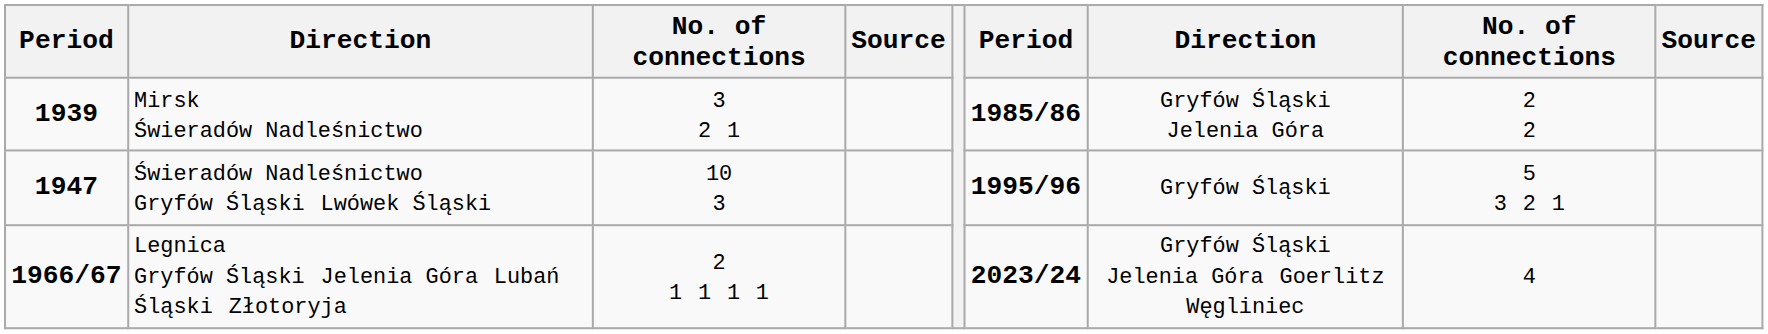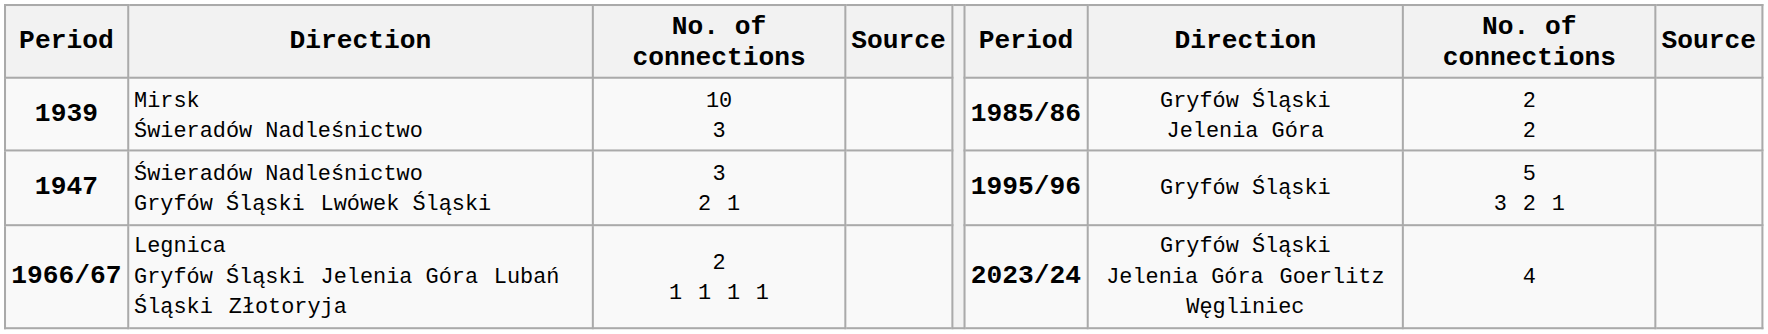 <table class="wikitable" style="text-align:center">
 <tr>
 <th>Period</th>
 <th>Direction</th>
 <th>No. of connections</th>
 <th>Source</th>
 <th rowspan="4"></th>
 <th>Period</th>
 <th>Direction</th>
 <th>No. of connections</th>
 <th>Source</th>
 </tr>
 <tr>
 <td><strong>1939</strong></td>
 <td style="text-align:left"><small>Mirsk</small><br><small>Świeradów Nadleśnictwo</small></td>
-<td><small>3</small><br><small>2</small> <small>1</small></td>
+<td><small>10</small><br><small>3</small></td>
 <td></td>
 <td><strong>1985/86</strong></td>
 <td><small>Gryfów Śląski</small><br><small>Jelenia Góra</small></td>
 <td><small>2</small><br><small>2</small></td>
 <td></td>
 </tr>
 <tr>
 <td><strong>1947</strong></td>
 <td style="text-align:left"><small>Świeradów Nadleśnictwo</small><br><small>Gryfów Śląski</small> <small>Lwówek Śląski</small></td>
-<td><small>10</small><br><small>3</small></td>
+<td><small>3</small><br><small>2</small> <small>1</small></td>
 <td></td>
 <td><strong>1995/96</strong></td>
 <td><small>Gryfów Śląski</small></td>
 <td><small>5</small><br><small>3</small> <small>2</small> <small>1</small></td>
 <td></td>
 </tr>
 <tr>
 <td><strong>1966/67</strong></td>
 <td style="text-align:left"><small>Legnica</small><br><small>Gryfów Śląski</small> <small>Jelenia Góra</small> <small>Lubań Śląski</small> <small>Złotoryja</small></td>
 <td><small>2</small><br><small>1</small> <small>1</small> <small>1</small> <small>1</small></td>
 <td></td>
 <td><strong>2023/24</strong></td>
 <td><small>Gryfów Śląski</small><br><small>Jelenia Góra</small> <small>Goerlitz</small> <small>Węgliniec</small></td>
 <td><small>4</small></td>
 <td></td>
 </tr>
 </table>
